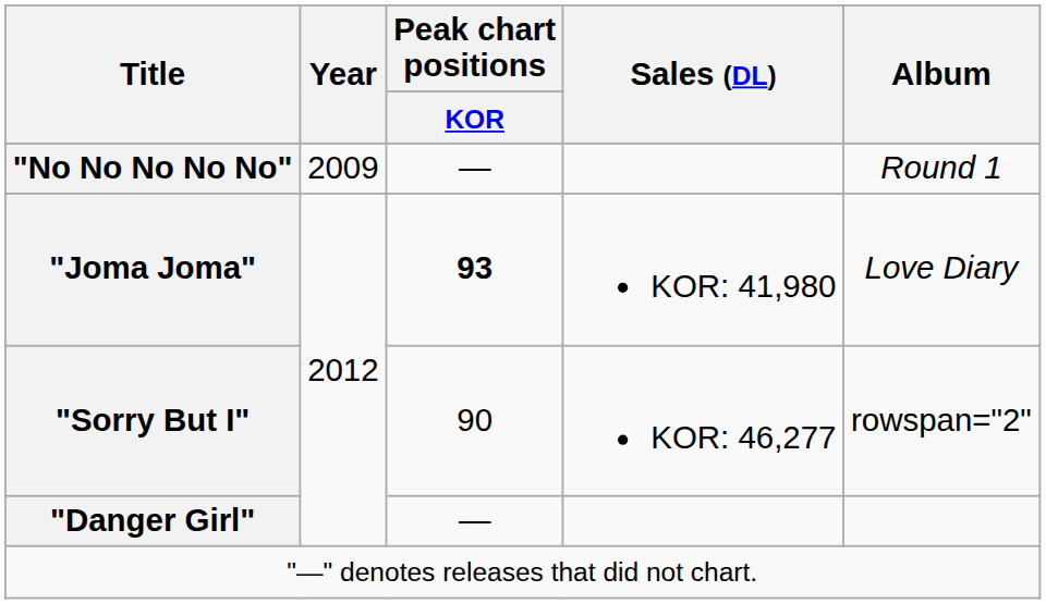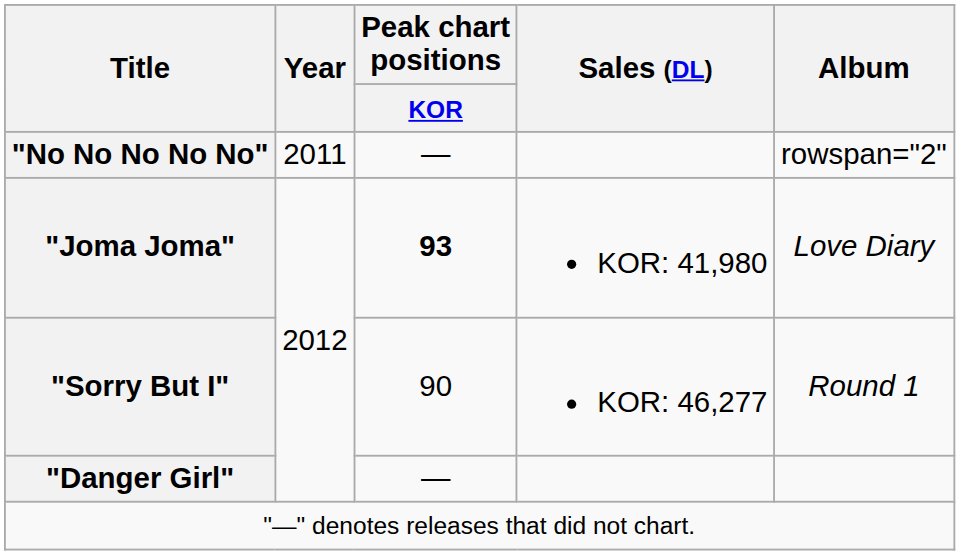 <table class="wikitable plainrowheaders" style="text-align:center;">
 <tr>
 <th scope="col" rowspan="2">Title</th>
 <th scope="col" rowspan="2">Year</th>
 <th scope="col" colspan="1">Peak chart <br> positions</th>
 <th scope="col" rowspan="2">Sales <small>(<a href='#'>DL</a>)</small></th>
 <th scope="col" rowspan="2">Album</th>
 </tr>
 <tr>
 <th><small><a href='#'>KOR</a></small><br></th>
 </tr>
 <tr>
 <th scope="row">"No No No No No"</th>
-<td>2009</td>
+<td>2011</td>
 <td>—</td>
 <td></td>
-<td><em>Round 1</em></td>
+<td>rowspan="2" </td>
 </tr>
 <tr>
 <th scope="row">"Joma Joma"</th>
 <td rowspan="3">2012</td>
 <td><strong>93</strong></td>
 <td><br><ul><li>KOR: 41,980</li></ul></td>
 <td><em>Love Diary</em></td>
 </tr>
 <tr>
 <th scope="row">"Sorry But I"</th>
 <td>90</td>
 <td><br><ul><li>KOR: 46,277</li></ul></td>
-<td>rowspan="2" </td>
+<td><em>Round 1</em></td>
 </tr>
 <tr>
 <th scope="row">"Danger Girl"</th>
 <td>—</td>
 <td></td>
 </tr>
 <tr>
 <td colspan="5" align="center"><small>"—" denotes releases that did not chart.</small></td>
 </tr>
 </table>
